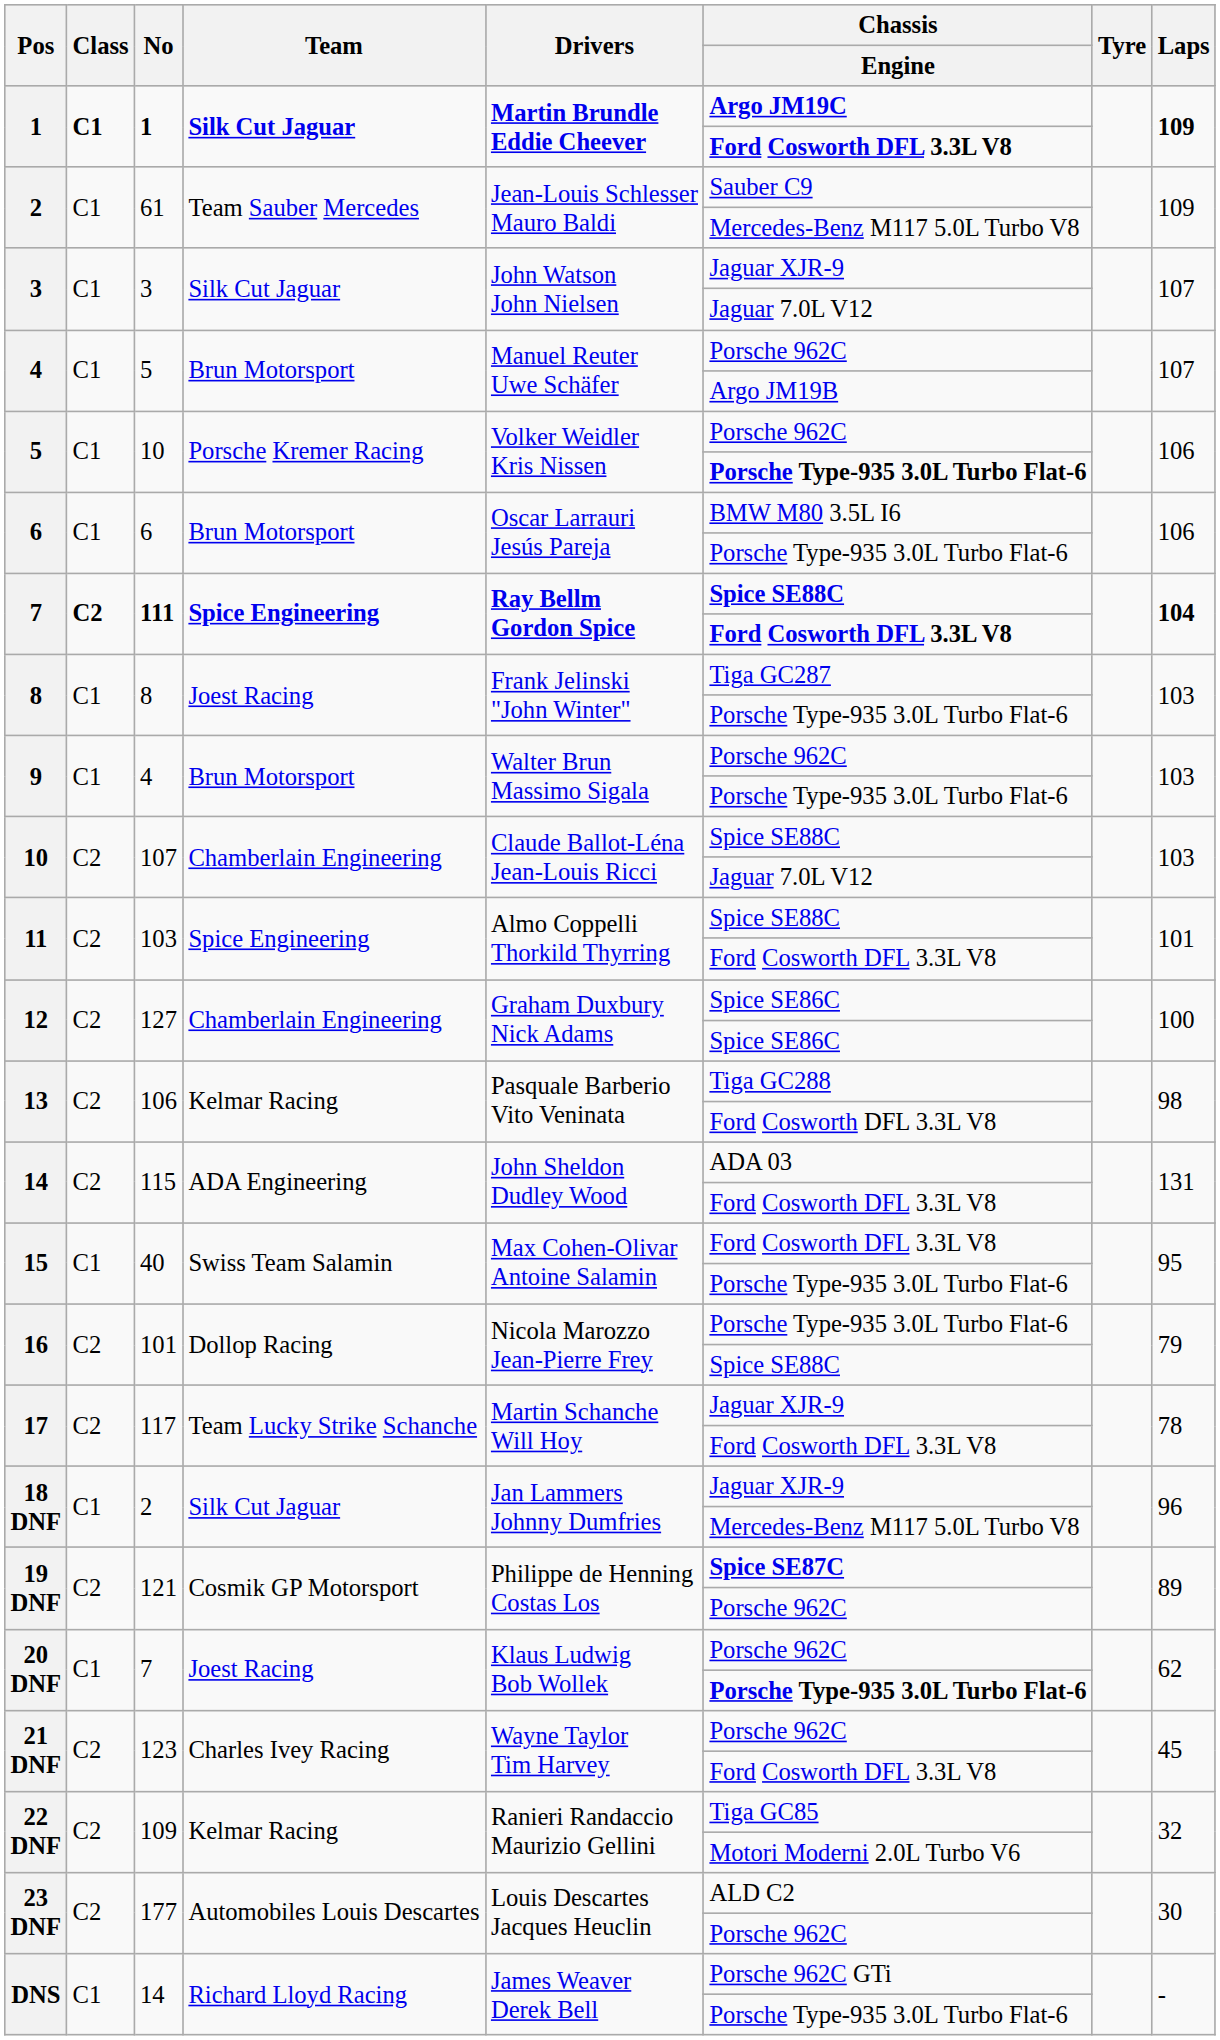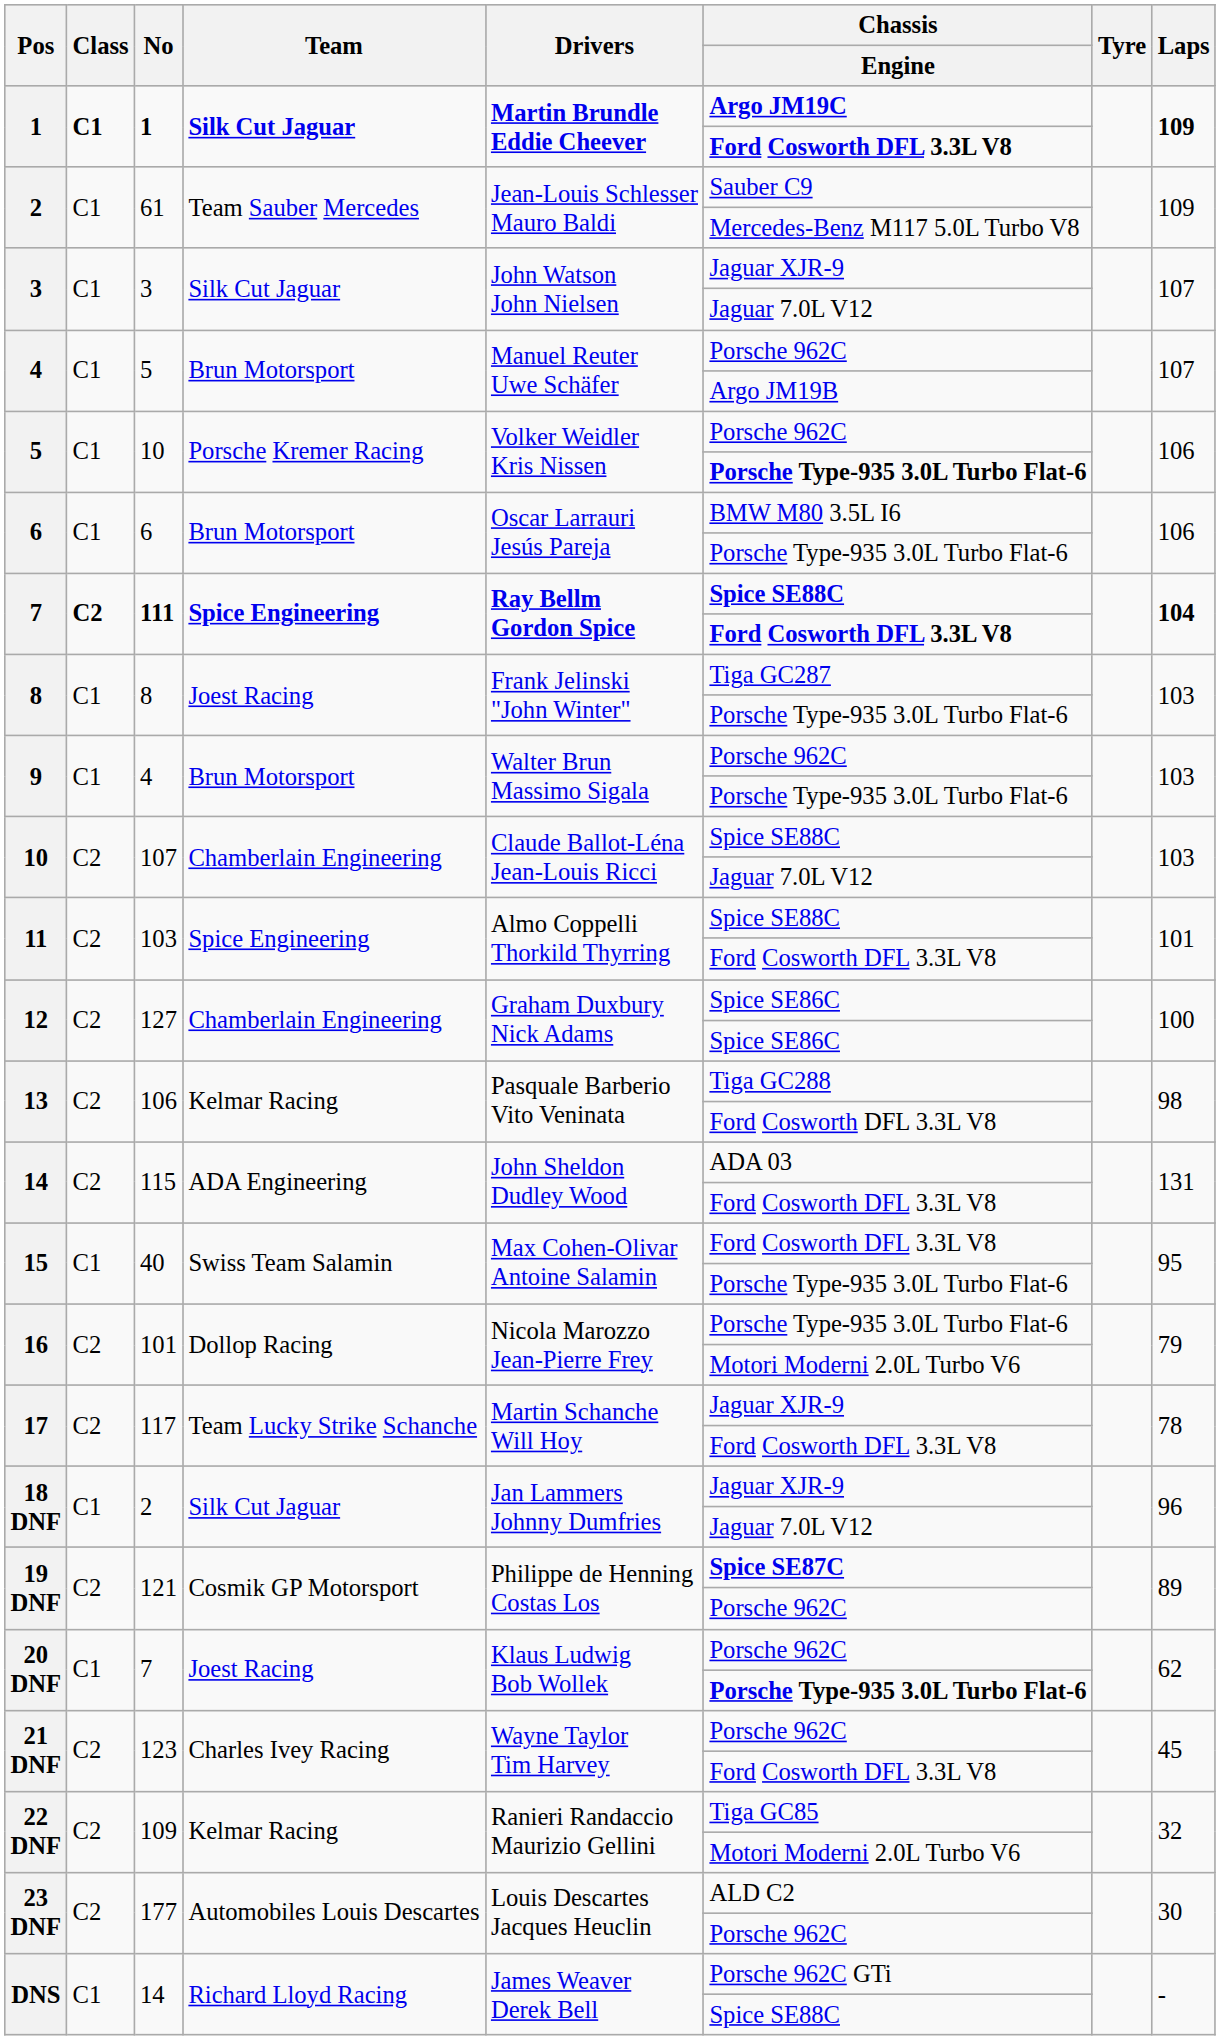 <table class="wikitable" style="font-size: 95%;">
 <tr>
 <th rowspan=2>Pos</th>
 <th rowspan=2>Class</th>
 <th rowspan=2>No</th>
 <th rowspan=2>Team</th>
 <th rowspan=2>Drivers</th>
 <th>Chassis</th>
 <th rowspan=2>Tyre</th>
 <th rowspan=2>Laps</th>
 </tr>
 <tr>
 <th>Engine</th>
 </tr>
 <tr style="font-weight:bold">
 <th rowspan=2>1</th>
 <td rowspan=2>C1</td>
 <td rowspan=2>1</td>
 <td rowspan=2> <a href='#'>Silk Cut Jaguar</a></td>
 <td rowspan=2> <a href='#'>Martin Brundle</a><br> <a href='#'>Eddie Cheever</a></td>
 <td><a href='#'>Argo JM19C</a></td>
 <td rowspan=2></td>
 <td rowspan=2>109</td>
 </tr>
 <tr style="font-weight:bold">
 <td><a href='#'>Ford</a> <a href='#'>Cosworth DFL</a> 3.3L V8</td>
 </tr>
 <tr>
 <th rowspan=2>2</th>
 <td rowspan=2>C1</td>
 <td rowspan=2>61</td>
 <td rowspan=2> Team <a href='#'>Sauber</a> <a href='#'>Mercedes</a></td>
 <td rowspan=2> <a href='#'>Jean-Louis Schlesser</a><br> <a href='#'>Mauro Baldi</a></td>
 <td><a href='#'>Sauber C9</a></td>
 <td rowspan=2></td>
 <td rowspan=2>109</td>
 </tr>
 <tr>
 <td><a href='#'>Mercedes-Benz</a> M117 5.0L Turbo V8</td>
 </tr>
 <tr>
 <th rowspan=2>3</th>
 <td rowspan=2>C1</td>
 <td rowspan=2>3</td>
 <td rowspan=2> <a href='#'>Silk Cut Jaguar</a></td>
 <td rowspan=2> <a href='#'>John Watson</a><br> <a href='#'>John Nielsen</a></td>
 <td><a href='#'>Jaguar XJR-9</a></td>
 <td rowspan=2></td>
 <td rowspan=2>107</td>
 </tr>
 <tr>
 <td><a href='#'>Jaguar</a> 7.0L V12</td>
 </tr>
 <tr>
 <th rowspan=2>4</th>
 <td rowspan=2>C1</td>
 <td rowspan=2>5</td>
 <td rowspan=2> <a href='#'>Brun Motorsport</a></td>
 <td rowspan=2> <a href='#'>Manuel Reuter</a><br> <a href='#'>Uwe Schäfer</a></td>
 <td><a href='#'>Porsche 962C</a></td>
 <td rowspan=2></td>
 <td rowspan=2>107</td>
 </tr>
 <tr>
 <td><a href='#'>Argo JM19B</a></td>
 </tr>
 <tr>
 <th rowspan=2>5</th>
 <td rowspan=2>C1</td>
 <td rowspan=2>10</td>
 <td rowspan=2> <a href='#'>Porsche</a> <a href='#'>Kremer Racing</a></td>
 <td rowspan=2> <a href='#'>Volker Weidler</a><br> <a href='#'>Kris Nissen</a></td>
 <td><a href='#'>Porsche 962C</a></td>
 <td rowspan=2></td>
 <td rowspan=2>106</td>
 </tr>
 <tr>
 <td><strong><a href='#'>Porsche</a> Type-935 3.0L Turbo Flat-6</strong></td>
 </tr>
 <tr>
 <th rowspan=2>6</th>
 <td rowspan=2>C1</td>
 <td rowspan=2>6</td>
 <td rowspan=2> <a href='#'>Brun Motorsport</a></td>
 <td rowspan=2> <a href='#'>Oscar Larrauri</a><br> <a href='#'>Jesús Pareja</a></td>
 <td><a href='#'>BMW M80</a> 3.5L I6</td>
 <td rowspan=2></td>
 <td rowspan=2>106</td>
 </tr>
 <tr>
 <td><a href='#'>Porsche</a> Type-935 3.0L Turbo Flat-6</td>
 </tr>
 <tr style="font-weight:bold">
 <th rowspan=2>7</th>
 <td rowspan=2>C2</td>
 <td rowspan=2>111</td>
 <td rowspan=2> <a href='#'>Spice Engineering</a></td>
 <td rowspan=2> <a href='#'>Ray Bellm</a><br> <a href='#'>Gordon Spice</a></td>
 <td><a href='#'>Spice SE88C</a></td>
 <td rowspan=2></td>
 <td rowspan=2>104</td>
 </tr>
 <tr style="font-weight:bold">
 <td><a href='#'>Ford</a> <a href='#'>Cosworth DFL</a> 3.3L V8</td>
 </tr>
 <tr>
 <th rowspan=2>8</th>
 <td rowspan=2>C1</td>
 <td rowspan=2>8</td>
 <td rowspan=2> <a href='#'>Joest Racing</a></td>
 <td rowspan=2> <a href='#'>Frank Jelinski</a><br> <a href='#'>"John Winter"</a></td>
 <td><a href='#'>Tiga GC287</a></td>
 <td rowspan=2></td>
 <td rowspan=2>103</td>
 </tr>
 <tr>
 <td><a href='#'>Porsche</a> Type-935 3.0L Turbo Flat-6</td>
 </tr>
 <tr>
 <th rowspan=2>9</th>
 <td rowspan=2>C1</td>
 <td rowspan=2>4</td>
 <td rowspan=2> <a href='#'>Brun Motorsport</a></td>
 <td rowspan=2> <a href='#'>Walter Brun</a><br> <a href='#'>Massimo Sigala</a></td>
 <td><a href='#'>Porsche 962C</a></td>
 <td rowspan=2></td>
 <td rowspan=2>103</td>
 </tr>
 <tr>
 <td><a href='#'>Porsche</a> Type-935 3.0L Turbo Flat-6</td>
 </tr>
 <tr>
 <th rowspan=2>10</th>
 <td rowspan=2>C2</td>
 <td rowspan=2>107</td>
 <td rowspan=2> <a href='#'>Chamberlain Engineering</a></td>
 <td rowspan=2> <a href='#'>Claude Ballot-Léna</a><br> <a href='#'>Jean-Louis Ricci</a></td>
 <td><a href='#'>Spice SE88C</a></td>
 <td rowspan=2></td>
 <td rowspan=2>103</td>
 </tr>
 <tr>
 <td><a href='#'>Jaguar</a> 7.0L V12</td>
 </tr>
 <tr>
 <th rowspan=2>11</th>
 <td rowspan=2>C2</td>
 <td rowspan=2>103</td>
 <td rowspan=2> <a href='#'>Spice Engineering</a></td>
 <td rowspan=2> Almo Coppelli<br> <a href='#'>Thorkild Thyrring</a></td>
 <td><a href='#'>Spice SE88C</a></td>
 <td rowspan=2></td>
 <td rowspan=2>101</td>
 </tr>
 <tr>
 <td><a href='#'>Ford</a> <a href='#'>Cosworth DFL</a> 3.3L V8</td>
 </tr>
 <tr>
 <th rowspan=2>12</th>
 <td rowspan=2>C2</td>
 <td rowspan=2>127</td>
 <td rowspan=2> <a href='#'>Chamberlain Engineering</a></td>
 <td rowspan=2> <a href='#'>Graham Duxbury</a><br> <a href='#'>Nick Adams</a></td>
 <td><a href='#'>Spice SE86C</a></td>
 <td rowspan=2></td>
 <td rowspan=2>100</td>
 </tr>
 <tr>
 <td><a href='#'>Spice SE86C</a></td>
 </tr>
 <tr>
 <th rowspan=2>13</th>
 <td rowspan=2>C2</td>
 <td rowspan=2>106</td>
 <td rowspan=2> Kelmar Racing</td>
 <td rowspan=2> Pasquale Barberio<br> Vito Veninata</td>
 <td><a href='#'>Tiga GC288</a></td>
 <td rowspan=2></td>
 <td rowspan=2>98</td>
 </tr>
 <tr>
 <td><a href='#'>Ford</a> <a href='#'>Cosworth</a> DFL 3.3L V8</td>
 </tr>
 <tr>
 <th rowspan=2>14</th>
 <td rowspan=2>C2</td>
 <td rowspan=2>115</td>
 <td rowspan=2> ADA Engineering</td>
 <td rowspan=2> <a href='#'>John Sheldon</a><br> <a href='#'>Dudley Wood</a></td>
 <td>ADA 03</td>
 <td rowspan=2></td>
 <td rowspan=2>131</td>
 </tr>
 <tr>
 <td><a href='#'>Ford</a> <a href='#'>Cosworth DFL</a> 3.3L V8</td>
 </tr>
 <tr>
 <th rowspan=2>15</th>
 <td rowspan=2>C1</td>
 <td rowspan=2>40</td>
 <td rowspan=2> Swiss Team Salamin</td>
 <td rowspan=2> <a href='#'>Max Cohen-Olivar</a><br> <a href='#'>Antoine Salamin</a></td>
 <td><a href='#'>Ford</a> <a href='#'>Cosworth DFL</a> 3.3L V8</td>
 <td rowspan=2></td>
 <td rowspan=2>95</td>
 </tr>
 <tr>
 <td><a href='#'>Porsche</a> Type-935 3.0L Turbo Flat-6</td>
 </tr>
 <tr>
 <th rowspan=2>16</th>
 <td rowspan=2>C2</td>
 <td rowspan=2>101</td>
 <td rowspan=2> Dollop Racing</td>
 <td rowspan=2> Nicola Marozzo<br> <a href='#'>Jean-Pierre Frey</a></td>
 <td><a href='#'>Porsche</a> Type-935 3.0L Turbo Flat-6</td>
 <td rowspan=2></td>
 <td rowspan=2>79</td>
 </tr>
 <tr>
-<td><a href='#'>Spice SE88C</a></td>
+<td><a href='#'>Motori Moderni</a> 2.0L Turbo V6</td>
 </tr>
 <tr>
 <th rowspan=2>17</th>
 <td rowspan=2>C2</td>
 <td rowspan=2>117</td>
 <td rowspan=2> Team <a href='#'>Lucky Strike</a> <a href='#'>Schanche</a></td>
 <td rowspan=2> <a href='#'>Martin Schanche</a><br> <a href='#'>Will Hoy</a></td>
 <td><a href='#'>Jaguar XJR-9</a></td>
 <td rowspan=2></td>
 <td rowspan=2>78</td>
 </tr>
 <tr>
 <td><a href='#'>Ford</a> <a href='#'>Cosworth DFL</a> 3.3L V8</td>
 </tr>
 <tr>
 <th rowspan=2>18<br>DNF</th>
 <td rowspan=2>C1</td>
 <td rowspan=2>2</td>
 <td rowspan=2> <a href='#'>Silk Cut Jaguar</a></td>
 <td rowspan=2> <a href='#'>Jan Lammers</a><br> <a href='#'>Johnny Dumfries</a></td>
 <td><a href='#'>Jaguar XJR-9</a></td>
 <td rowspan=2></td>
 <td rowspan=2>96</td>
 </tr>
 <tr>
-<td><a href='#'>Mercedes-Benz</a> M117 5.0L Turbo V8</td>
+<td><a href='#'>Jaguar</a> 7.0L V12</td>
 </tr>
 <tr>
 <th rowspan=2>19<br>DNF</th>
 <td rowspan=2>C2</td>
 <td rowspan=2>121</td>
 <td rowspan=2> Cosmik GP Motorsport</td>
 <td rowspan=2> Philippe de Henning<br> <a href='#'>Costas Los</a></td>
 <td><strong><a href='#'>Spice SE87C</a></strong></td>
 <td rowspan=2></td>
 <td rowspan=2>89</td>
 </tr>
 <tr>
 <td><a href='#'>Porsche 962C</a></td>
 </tr>
 <tr>
 <th rowspan=2>20<br>DNF</th>
 <td rowspan=2>C1</td>
 <td rowspan=2>7</td>
 <td rowspan=2> <a href='#'>Joest Racing</a></td>
 <td rowspan=2> <a href='#'>Klaus Ludwig</a><br> <a href='#'>Bob Wollek</a></td>
 <td><a href='#'>Porsche 962C</a></td>
 <td rowspan=2></td>
 <td rowspan=2>62</td>
 </tr>
 <tr>
 <td><strong><a href='#'>Porsche</a> Type-935 3.0L Turbo Flat-6</strong></td>
 </tr>
 <tr>
 <th rowspan=2>21<br>DNF</th>
 <td rowspan=2>C2</td>
 <td rowspan=2>123</td>
 <td rowspan=2> Charles Ivey Racing</td>
 <td rowspan=2> <a href='#'>Wayne Taylor</a><br> <a href='#'>Tim Harvey</a></td>
 <td><a href='#'>Porsche 962C</a></td>
 <td rowspan=2></td>
 <td rowspan=2>45</td>
 </tr>
 <tr>
 <td><a href='#'>Ford</a> <a href='#'>Cosworth DFL</a> 3.3L V8</td>
 </tr>
 <tr>
 <th rowspan=2>22<br>DNF</th>
 <td rowspan=2>C2</td>
 <td rowspan=2>109</td>
 <td rowspan=2> Kelmar Racing</td>
 <td rowspan=2> Ranieri Randaccio<br> Maurizio Gellini</td>
 <td><a href='#'>Tiga GC85</a></td>
 <td rowspan=2></td>
 <td rowspan=2>32</td>
 </tr>
 <tr>
 <td><a href='#'>Motori Moderni</a> 2.0L Turbo V6</td>
 </tr>
 <tr>
 <th rowspan=2>23<br>DNF</th>
 <td rowspan=2>C2</td>
 <td rowspan=2>177</td>
 <td rowspan=2> Automobiles Louis Descartes</td>
 <td rowspan=2> Louis Descartes<br> Jacques Heuclin</td>
 <td>ALD C2</td>
 <td rowspan=2></td>
 <td rowspan=2>30</td>
 </tr>
 <tr>
 <td><a href='#'>Porsche 962C</a></td>
 </tr>
 <tr>
 <th rowspan=2>DNS</th>
 <td rowspan=2>C1</td>
 <td rowspan=2>14</td>
 <td rowspan=2> <a href='#'>Richard Lloyd Racing</a></td>
 <td rowspan=2> <a href='#'>James Weaver</a><br> <a href='#'>Derek Bell</a></td>
 <td><a href='#'>Porsche 962C</a> GTi</td>
 <td rowspan=2></td>
 <td rowspan=2>-</td>
 </tr>
 <tr>
-<td><a href='#'>Porsche</a> Type-935 3.0L Turbo Flat-6</td>
+<td><a href='#'>Spice SE88C</a></td>
 </tr>
 </table>
